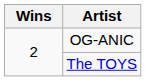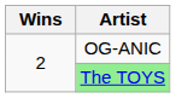 <table class="wikitable plainrowheaders" style="text-align:center;">
 <tr>
 <th scope="col" style="width:55px;">Wins</th>
 <th scope="col" style="text-align:center;">Artist</th>
 </tr>
 <tr>
 <td scope=row rowspan="2" style="text-align:center">2</td>
 <td>OG-ANIC</td>
 </tr>
 <tr>
-<td><a href='#'>The TOYS</a></td>
+<td style="background: lightgreen;"><a href='#'>The TOYS</a></td>
 </tr>
 </table>
